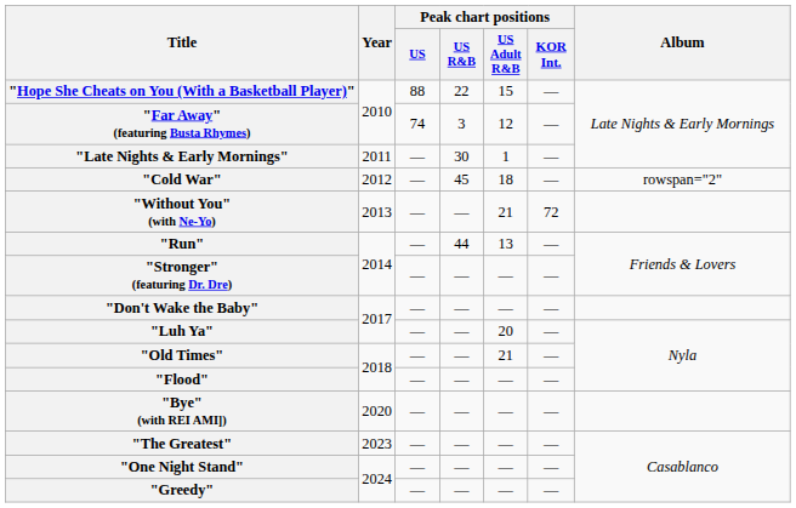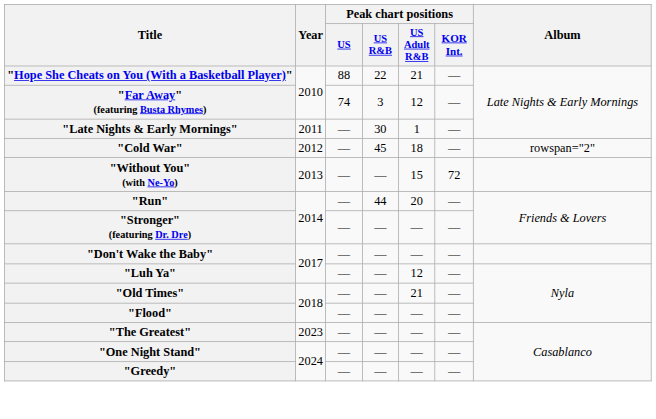 <table class="wikitable plainrowheaders" style="text-align:center;">
 <tr>
 <th scope="col" rowspan="2">Title</th>
 <th scope="col" rowspan="2" style="width:2em;">Year</th>
 <th scope="col" colspan="4">Peak chart positions</th>
 <th scope="col" rowspan="2" style="width:14em;">Album</th>
 </tr>
 <tr>
 <th style="width:3em;font-size:85%"><a href='#'>US</a><br></th>
 <th style="width:3em;font-size:85%"><a href='#'>US<br>R&B</a><br></th>
 <th style="width:3em;font-size:85%"><a href='#'>US<br>Adult R&B</a><br></th>
 <th scope="col" style="width:3em;font-size:90%;"><a href='#'>KOR Int.</a><br></th>
 </tr>
 <tr>
 <th scope="row">"<a href='#'>Hope She Cheats on You (With a Basketball Player)</a>"</th>
 <td style="text-align:center;"  rowspan="2">2010</td>
 <td>88</td>
 <td>22</td>
-<td>15</td>
+<td>21</td>
 <td>—</td>
 <td rowspan="3"><em>Late Nights & Early Mornings</em></td>
 </tr>
 <tr>
 <th scope="row">"<a href='#'>Far Away</a>" <br><small>(featuring <a href='#'>Busta Rhymes</a>)</small></th>
 <td>74</td>
 <td>3</td>
 <td>12</td>
 <td>—</td>
 </tr>
 <tr>
 <th scope="row">"Late Nights & Early Mornings"</th>
 <td>2011</td>
 <td>—</td>
 <td>30</td>
 <td>1</td>
 <td>—</td>
 </tr>
 <tr>
 <th scope="row">"Cold War"</th>
 <td>2012</td>
 <td>—</td>
 <td>45</td>
 <td>18</td>
 <td>—</td>
 <td>rowspan="2" </td>
 </tr>
 <tr>
 <th scope="row">"Without You" <br><small>(with <a href='#'>Ne-Yo</a>)</small></th>
 <td>2013</td>
 <td>—</td>
 <td>—</td>
-<td>21</td>
+<td>15</td>
 <td>72</td>
 </tr>
 <tr>
 <th scope="row">"Run"</th>
 <td rowspan="2">2014</td>
 <td>—</td>
 <td>44</td>
-<td>13</td>
+<td>20</td>
 <td>—</td>
 <td rowspan="2"><em>Friends & Lovers</em></td>
 </tr>
 <tr>
 <th scope="row">"Stronger" <br><small>(featuring <a href='#'>Dr. Dre</a>)</small></th>
 <td>—</td>
 <td>—</td>
 <td>—</td>
 <td>—</td>
 </tr>
 <tr>
 <th scope="row">"Don't Wake the Baby"</th>
 <td rowspan="2">2017</td>
 <td>—</td>
 <td>—</td>
 <td>—</td>
 <td>—</td>
 <td></td>
 </tr>
 <tr>
 <th scope="row">"Luh Ya"</th>
 <td>—</td>
 <td>—</td>
-<td>20</td>
+<td>12</td>
 <td>—</td>
 <td rowspan="3"><em>Nyla</em></td>
 </tr>
 <tr>
 <th scope="row">"Old Times"</th>
 <td rowspan="2">2018</td>
 <td>—</td>
 <td>—</td>
 <td>21</td>
 <td>—</td>
 </tr>
 <tr>
 <th scope="row">"Flood"</th>
 <td>—</td>
 <td>—</td>
 <td>—</td>
 <td>—</td>
-</tr>
-<tr>
-<th scope="row">"Bye"<br><small>(with REI AMI])</small></th>
-<td>2020</td>
-<td>—</td>
-<td>—</td>
-<td>—</td>
-<td>—</td>
-<td></td>
 </tr>
 <tr>
 <th scope="row">"The Greatest"</th>
 <td>2023</td>
 <td>—</td>
 <td>—</td>
 <td>—</td>
 <td>—</td>
 <td rowspan="3"><em>Casablanco</em></td>
 </tr>
 <tr>
 <th scope="row">"One Night Stand"</th>
 <td rowspan="2">2024</td>
 <td>—</td>
 <td>—</td>
 <td>—</td>
 <td>—</td>
 </tr>
 <tr>
 <th scope="row">"Greedy"</th>
 <td>—</td>
 <td>—</td>
 <td>—</td>
 <td>—</td>
 </tr>
 </table>
